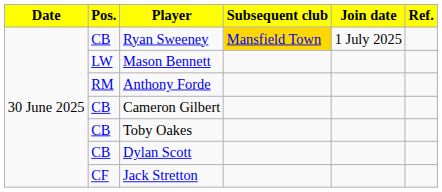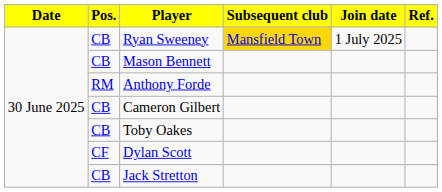 <table class="wikitable plainrowheaders sortable">
 <tr>
 <th style="background:yellow;">Date</th>
 <th style="background:yellow;">Pos.</th>
 <th style="background:yellow;">Player</th>
 <th style="background:yellow;">Subsequent club</th>
 <th style="background:yellow;">Join date</th>
 <th style="background:yellow;">Ref.</th>
 </tr>
 <tr>
 <td rowspan="7">30 June 2025</td>
 <td><a href='#'>CB</a></td>
 <td> <a href='#'>Ryan Sweeney</a></td>
 <td style="background: gold;"> <a href='#'>Mansfield Town</a></td>
 <td>1 July 2025</td>
 <td></td>
 </tr>
 <tr>
-<td><a href='#'>LW</a></td>
+<td><a href='#'>CB</a></td>
 <td> <a href='#'>Mason Bennett</a></td>
 <td></td>
 <td></td>
 <td></td>
 </tr>
 <tr>
 <td><a href='#'>RM</a></td>
 <td> <a href='#'>Anthony Forde</a></td>
 <td></td>
 <td></td>
 <td></td>
 </tr>
 <tr>
 <td><a href='#'>CB</a></td>
 <td> Cameron Gilbert</td>
 <td></td>
 <td></td>
 <td></td>
 </tr>
 <tr>
 <td><a href='#'>CB</a></td>
 <td> Toby Oakes</td>
 <td></td>
 <td></td>
 <td></td>
 </tr>
 <tr>
-<td><a href='#'>CB</a></td>
+<td><a href='#'>CF</a></td>
 <td> <a href='#'>Dylan Scott</a></td>
 <td></td>
 <td></td>
 <td></td>
 </tr>
 <tr>
-<td><a href='#'>CF</a></td>
+<td><a href='#'>CB</a></td>
 <td> <a href='#'>Jack Stretton</a></td>
 <td></td>
 <td></td>
 <td></td>
 </tr>
 </table>
